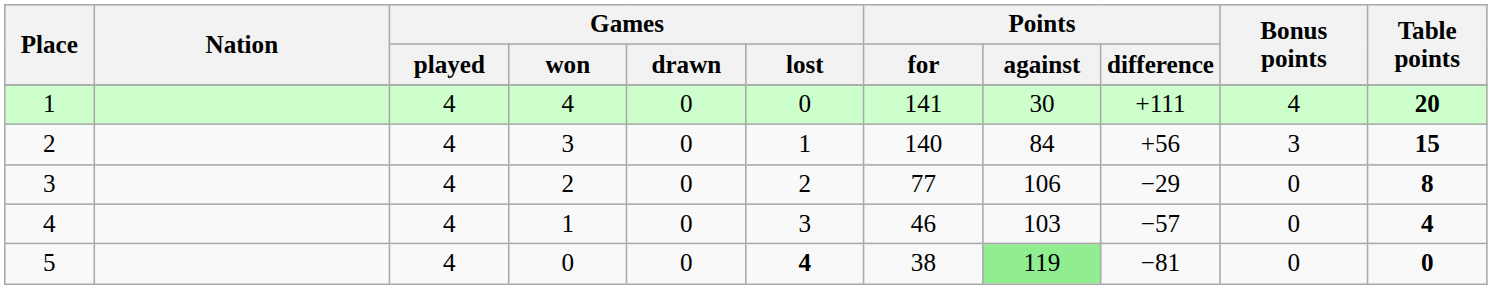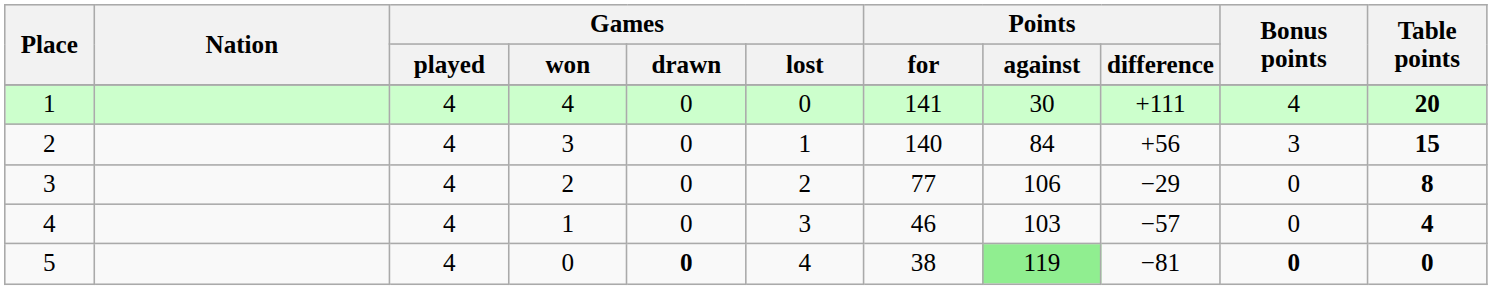 <table class="wikitable">
 <tr>
 <th rowspan=2 width="6%">Place</th>
 <th rowspan=2 width="20%">Nation</th>
 <th colspan=4 width="40%">Games</th>
 <th colspan=3 width="24%">Points</th>
 <th rowspan=2 width="10%">Bonus<br>points</th>
 <th rowspan=2 width="10%">Table<br>points</th>
 </tr>
 <tr>
 <th width="8%">played</th>
 <th width="8%">won</th>
 <th width="8%">drawn</th>
 <th width="8%">lost</th>
 <th width="8%">for</th>
 <th width="8%">against</th>
 <th width="8%">difference</th>
 </tr>
 <tr>
 </tr>
 <tr align=center bgcolor="#ccffcc">
 <td>1</td>
 <td align=left></td>
 <td>4</td>
 <td>4</td>
 <td>0</td>
 <td>0</td>
 <td>141</td>
 <td>30</td>
 <td>+111</td>
 <td>4</td>
 <td><strong>20</strong></td>
 </tr>
 <tr align=center>
 <td>2</td>
 <td align=left></td>
 <td>4</td>
 <td>3</td>
 <td>0</td>
 <td>1</td>
 <td>140</td>
 <td>84</td>
 <td>+56</td>
 <td>3</td>
 <td><strong>15</strong></td>
 </tr>
 <tr align=center>
 <td>3</td>
 <td align=left></td>
 <td>4</td>
 <td>2</td>
 <td>0</td>
 <td>2</td>
 <td>77</td>
 <td>106</td>
 <td>−29</td>
 <td>0</td>
 <td><strong>8</strong></td>
 </tr>
 <tr align=center>
 <td>4</td>
 <td align=left></td>
 <td>4</td>
 <td>1</td>
 <td>0</td>
 <td>3</td>
 <td>46</td>
 <td>103</td>
 <td>−57</td>
 <td>0</td>
 <td><strong>4</strong></td>
 </tr>
 <tr align=center>
 <td>5</td>
 <td align=left></td>
 <td>4</td>
 <td>0</td>
-<td>0</td>
-<td><strong>4</strong></td>
+<td><strong>0</strong></td>
+<td>4</td>
 <td>38</td>
 <td style="background: lightgreen;">119</td>
 <td>−81</td>
-<td>0</td>
+<td><strong>0</strong></td>
 <td><strong>0</strong></td>
 </tr>
 </table>
